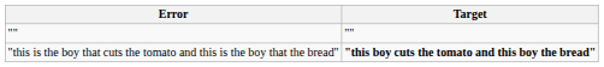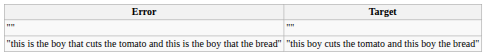 <table class="wikitable">
 <tr>
 <th>Error</th>
 <th>Target</th>
 </tr>
 <tr>
 <td>""</td>
 <td>""</td>
 </tr>
 <tr>
 <td>"this is the boy that cuts the tomato and this is the boy that the bread"</td>
-<td><strong>"this boy cuts the tomato and this boy the bread"</strong></td>
+<td>"this boy cuts the tomato and this boy the bread"</td>
 </tr>
 </table>
